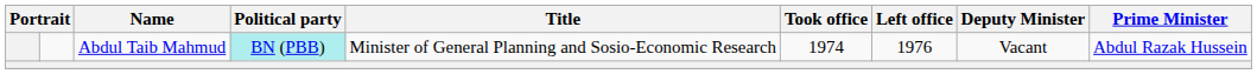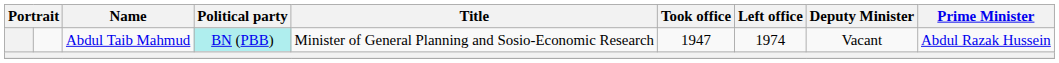 <table class="wikitable" style="text-align:center;">
 <tr>
 <th colspan="2">Portrait</th>
 <th>Name<br></th>
 <th>Political party</th>
 <th>Title</th>
 <th>Took office</th>
 <th>Left office</th>
 <th>Deputy Minister</th>
 <th><a href='#'>Prime Minister</a><br></th>
 </tr>
 <tr>
 <th style="background:"></th>
 <td></td>
 <td><a href='#'>Abdul Taib Mahmud</a><br></td>
 <td style="background: paleturquoise;"><a href='#'>BN</a> (<a href='#'>PBB</a>)</td>
 <td>Minister of General Planning and Sosio-Economic Research</td>
+<td>1947</td>
 <td>1974</td>
-<td>1976</td>
 <td>Vacant</td>
 <td><a href='#'>Abdul Razak Hussein</a><br></td>
 </tr>
 <tr>
 <th colspan="9" bgcolor="cccccc"></th>
 </tr>
 <tr>
 </tr>
 </table>
